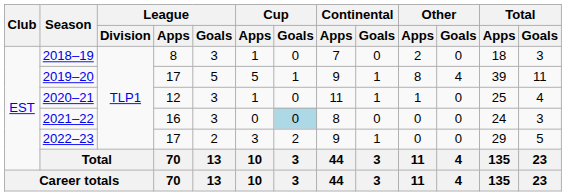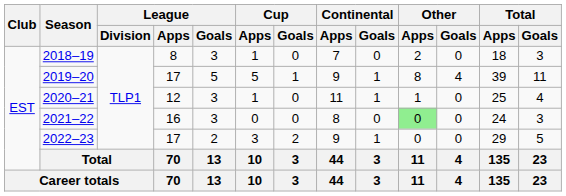 <table class="wikitable" style="font-size:90%; text-align: center">
 <tr>
 <th rowspan=2>Club</th>
 <th rowspan=2>Season</th>
 <th colspan=3>League</th>
 <th colspan=2>Cup</th>
 <th colspan=2>Continental</th>
 <th colspan=2>Other</th>
 <th colspan=2>Total</th>
 </tr>
 <tr>
 <th>Division</th>
 <th>Apps</th>
 <th>Goals</th>
 <th>Apps</th>
 <th>Goals</th>
 <th>Apps</th>
 <th>Goals</th>
 <th>Apps</th>
 <th>Goals</th>
 <th>Apps</th>
 <th>Goals</th>
 </tr>
 <tr>
 <td rowspan=6><a href='#'>EST</a></td>
 <td><a href='#'>2018–19</a></td>
 <td rowspan=5><a href='#'>TLP1</a></td>
 <td>8</td>
 <td>3</td>
 <td>1</td>
 <td>0</td>
 <td>7</td>
 <td>0</td>
 <td>2</td>
 <td>0</td>
 <td>18</td>
 <td>3</td>
 </tr>
 <tr>
 <td><a href='#'>2019–20</a></td>
 <td>17</td>
 <td>5</td>
 <td>5</td>
 <td>1</td>
 <td>9</td>
 <td>1</td>
 <td>8</td>
 <td>4</td>
 <td>39</td>
 <td>11</td>
 </tr>
 <tr>
 <td><a href='#'>2020–21</a></td>
 <td>12</td>
 <td>3</td>
 <td>1</td>
 <td>0</td>
 <td>11</td>
 <td>1</td>
 <td>1</td>
 <td>0</td>
 <td>25</td>
 <td>4</td>
 </tr>
 <tr>
 <td><a href='#'>2021–22</a></td>
 <td>16</td>
 <td>3</td>
 <td>0</td>
-<td style="background: lightblue;">0</td>
+<td>0</td>
 <td>8</td>
 <td>0</td>
-<td>0</td>
+<td style="background: lightgreen;">0</td>
 <td>0</td>
 <td>24</td>
 <td>3</td>
 </tr>
 <tr>
 <td><a href='#'>2022–23</a></td>
 <td>17</td>
 <td>2</td>
 <td>3</td>
 <td>2</td>
 <td>9</td>
 <td>1</td>
 <td>0</td>
 <td>0</td>
 <td>29</td>
 <td>5</td>
 </tr>
 <tr>
 <th colspan=2>Total</th>
 <th>70</th>
 <th>13</th>
 <th>10</th>
 <th>3</th>
 <th>44</th>
 <th>3</th>
 <th>11</th>
 <th>4</th>
 <th>135</th>
 <th>23</th>
 </tr>
 <tr>
 <th colspan=3>Career totals</th>
 <th>70</th>
 <th>13</th>
 <th>10</th>
 <th>3</th>
 <th>44</th>
 <th>3</th>
 <th>11</th>
 <th>4</th>
 <th>135</th>
 <th>23</th>
 </tr>
 </table>
